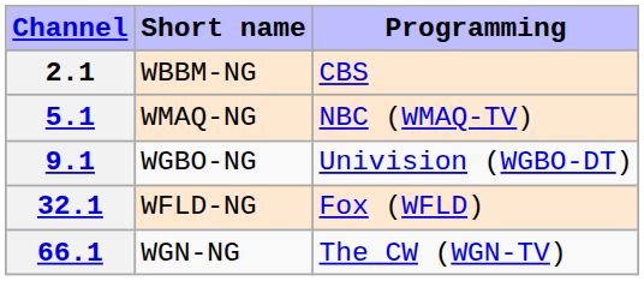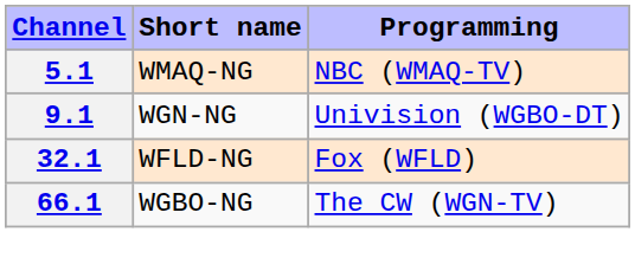 <table class="wikitable">
 <tr>
 <th style="background-color: #bdbdff" scope="col"><a href='#'>Channel</a></th>
 <th style="background-color: #bdbdff" scope="col">Short name</th>
 <th style="background-color: #bdbdff" scope="col">Programming</th>
-</tr>
-<tr>
-<th scope="row">2.1</th>
-<td style="background-color:#ffe8d0">WBBM-NG</td>
-<td style="background-color:#ffe8d0"><a href='#'>CBS</a> </td>
 </tr>
 <tr>
 <th scope="row"><a href='#'>5.1</a></th>
 <td style="background-color:#ffe8d0">WMAQ-NG</td>
 <td style="background-color:#ffe8d0"><a href='#'>NBC</a> (<a href='#'>WMAQ-TV</a>) </td>
 </tr>
 <tr>
 <th scope="row"><a href='#'>9.1</a></th>
-<td>WGBO-NG</td>
+<td>WGN-NG</td>
 <td><a href='#'>Univision</a> (<a href='#'>WGBO-DT</a>)</td>
 </tr>
 <tr>
 <th scope="row"><a href='#'>32.1</a></th>
 <td style="background-color:#ffe8d0">WFLD-NG</td>
 <td style="background-color:#ffe8d0"><a href='#'>Fox</a> (<a href='#'>WFLD</a>) </td>
 </tr>
 <tr>
 <th scope="row"><a href='#'>66.1</a></th>
-<td>WGN-NG</td>
+<td>WGBO-NG</td>
 <td><a href='#'>The CW</a> (<a href='#'>WGN-TV</a>)</td>
 </tr>
 </table>
